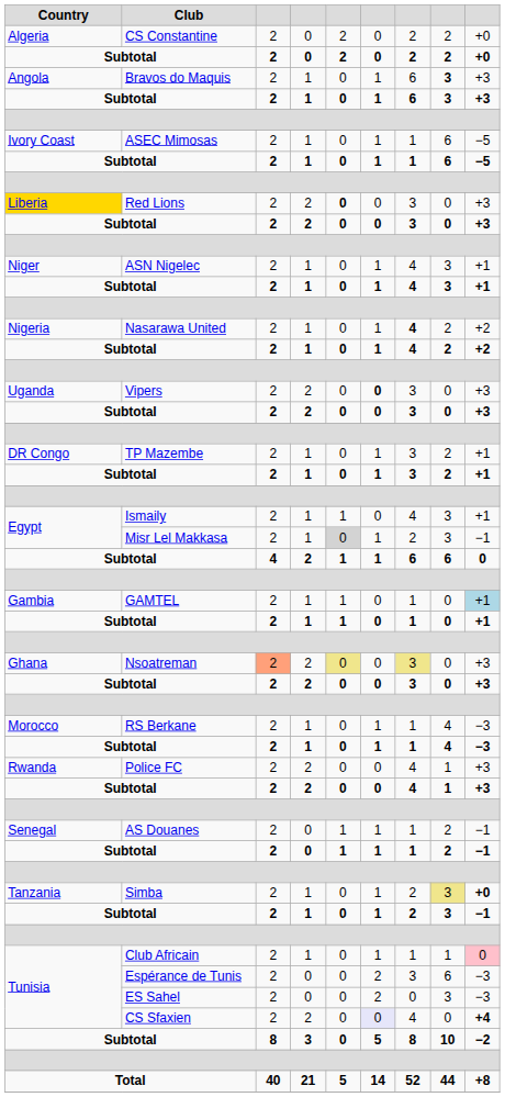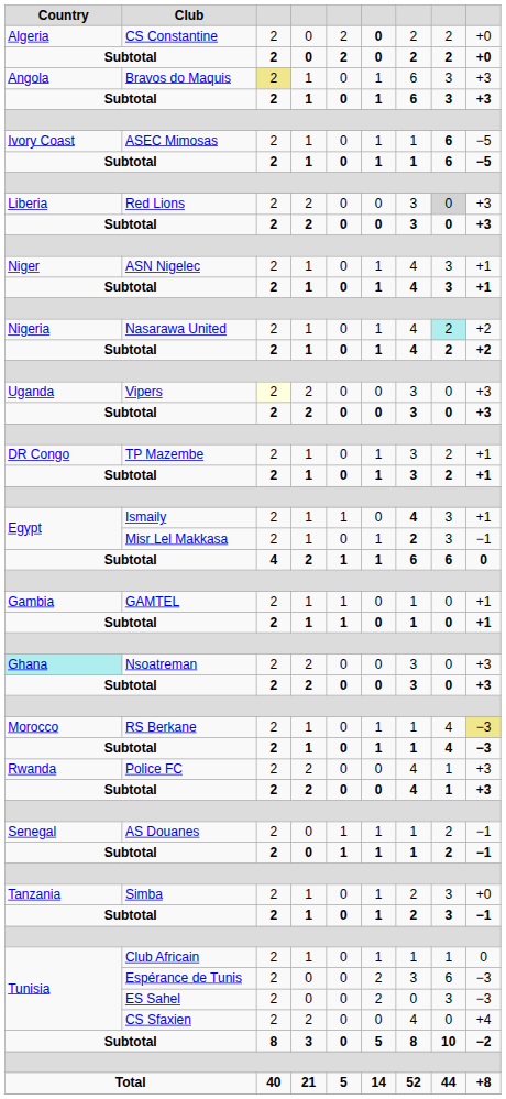 <table class="wikitable" style="text-align: center;">
 <tr>
 <th width="135" style="background:#DCDCDC">Country</th>
 <th width="155" style="background:#DCDCDC">Club</th>
 <th width="35" style="background:#DCDCDC"></th>
 <th width="35" style="background:#DCDCDC"></th>
 <th width="35" style="background:#DCDCDC"></th>
 <th width="35" style="background:#DCDCDC"></th>
 <th width="35" style="background:#DCDCDC"></th>
 <th width="35" style="background:#DCDCDC"></th>
 <th width="35" style="background:#DCDCDC"></th>
 </tr>
 <tr>
 <td align=left> <a href='#'>Algeria</a></td>
 <td align=left><a href='#'>CS Constantine</a></td>
 <td>2</td>
 <td>0</td>
 <td>2</td>
-<td>0</td>
+<td><strong>0</strong></td>
 <td>2</td>
 <td>2</td>
 <td>+0</td>
 </tr>
 <tr>
 <td colspan=2 align-"center"><strong>Subtotal</strong></td>
 <td><strong>2</strong></td>
 <td><strong>0</strong></td>
 <td><strong>2</strong></td>
 <td><strong>0</strong></td>
 <td><strong>2</strong></td>
 <td><strong>2</strong></td>
 <td><strong>+0</strong></td>
 </tr>
 <tr>
 <td align=left> <a href='#'>Angola</a></td>
 <td align=left><a href='#'>Bravos do Maquis</a></td>
-<td>2</td>
+<td style="background: khaki;">2</td>
 <td>1</td>
 <td>0</td>
 <td>1</td>
 <td>6</td>
-<td><strong>3</strong></td>
+<td>3</td>
 <td>+3</td>
 </tr>
 <tr>
 <td colspan=2 align-"center"><strong>Subtotal</strong></td>
 <td><strong>2</strong></td>
 <td><strong>1</strong></td>
 <td><strong>0</strong></td>
 <td><strong>1</strong></td>
 <td><strong>6</strong></td>
 <td><strong>3</strong></td>
 <td><strong>+3</strong></td>
 </tr>
 <tr>
 <th colspan=9 height="18" style="background:#DCDCDC"></th>
 </tr>
 <tr>
 <td align=left> <a href='#'>Ivory Coast</a></td>
 <td align=left><a href='#'>ASEC Mimosas</a></td>
 <td>2</td>
 <td>1</td>
 <td>0</td>
 <td>1</td>
 <td>1</td>
-<td>6</td>
+<td><strong>6</strong></td>
 <td>−5</td>
 </tr>
 <tr>
 <td colspan=2 align-"center"><strong>Subtotal</strong></td>
 <td><strong>2</strong></td>
 <td><strong>1</strong></td>
 <td><strong>0</strong></td>
 <td><strong>1</strong></td>
 <td><strong>1</strong></td>
 <td><strong>6</strong></td>
 <td><strong>−5</strong></td>
 </tr>
 <tr>
 <th colspan=9 height="18" style="background:#DCDCDC"></th>
 </tr>
 <tr>
-<td align=left style="background: gold;"> <a href='#'>Liberia</a></td>
+<td align=left> <a href='#'>Liberia</a></td>
 <td align=left><a href='#'>Red Lions</a></td>
 <td>2</td>
 <td>2</td>
-<td><strong>0</strong></td>
+<td>0</td>
 <td>0</td>
 <td>3</td>
-<td>0</td>
+<td style="background: lightgrey;">0</td>
 <td>+3</td>
 </tr>
 <tr>
 <td colspan=2 align-"center"><strong>Subtotal</strong></td>
 <td><strong>2</strong></td>
 <td><strong>2</strong></td>
 <td><strong>0</strong></td>
 <td><strong>0</strong></td>
 <td><strong>3</strong></td>
 <td><strong>0</strong></td>
 <td><strong>+3</strong></td>
 </tr>
 <tr>
 <th colspan=9 height="18" style="background:#DCDCDC"></th>
 </tr>
 <tr>
 <td align=left> <a href='#'>Niger</a></td>
 <td align=left><a href='#'>ASN Nigelec</a></td>
 <td>2</td>
 <td>1</td>
 <td>0</td>
 <td>1</td>
 <td>4</td>
 <td>3</td>
 <td>+1</td>
 </tr>
 <tr>
 <td colspan=2 align-"center"><strong>Subtotal</strong></td>
 <td><strong>2</strong></td>
 <td><strong>1</strong></td>
 <td><strong>0</strong></td>
 <td><strong>1</strong></td>
 <td><strong>4</strong></td>
 <td><strong>3</strong></td>
 <td><strong>+1</strong></td>
 </tr>
 <tr>
 <th colspan=9 height="18" style="background:#DCDCDC"></th>
 </tr>
 <tr>
 <td align=left> <a href='#'>Nigeria</a></td>
 <td align=left><a href='#'>Nasarawa United</a></td>
 <td>2</td>
 <td>1</td>
 <td>0</td>
 <td>1</td>
-<td><strong>4</strong></td>
-<td>2</td>
+<td>4</td>
+<td style="background: paleturquoise;">2</td>
 <td>+2</td>
 </tr>
 <tr>
 <td colspan=2 align-"center"><strong>Subtotal</strong></td>
 <td><strong>2</strong></td>
 <td><strong>1</strong></td>
 <td><strong>0</strong></td>
 <td><strong>1</strong></td>
 <td><strong>4</strong></td>
 <td><strong>2</strong></td>
 <td><strong>+2</strong></td>
 </tr>
 <tr>
 <th colspan=9 height="18" style="background:#DCDCDC"></th>
 </tr>
 <tr>
 <td align=left> <a href='#'>Uganda</a></td>
 <td align=left><a href='#'>Vipers</a></td>
-<td>2</td>
+<td style="background: lightyellow;">2</td>
 <td>2</td>
 <td>0</td>
-<td><strong>0</strong></td>
+<td>0</td>
 <td>3</td>
 <td>0</td>
 <td>+3</td>
 </tr>
 <tr>
 <td colspan=2 align-"center"><strong>Subtotal</strong></td>
 <td><strong>2</strong></td>
 <td><strong>2</strong></td>
 <td><strong>0</strong></td>
 <td><strong>0</strong></td>
 <td><strong>3</strong></td>
 <td><strong>0</strong></td>
 <td><strong>+3</strong></td>
 </tr>
 <tr>
 <th colspan=9 height="18" style="background:#DCDCDC"></th>
 </tr>
 <tr>
 <td align=left> <a href='#'>DR Congo</a></td>
 <td align=left><a href='#'>TP Mazembe</a></td>
 <td>2</td>
 <td>1</td>
 <td>0</td>
 <td>1</td>
 <td>3</td>
 <td>2</td>
 <td>+1</td>
 </tr>
 <tr>
 <td colspan=2 align-"center"><strong>Subtotal</strong></td>
 <td><strong>2</strong></td>
 <td><strong>1</strong></td>
 <td><strong>0</strong></td>
 <td><strong>1</strong></td>
 <td><strong>3</strong></td>
 <td><strong>2</strong></td>
 <td><strong>+1</strong></td>
 </tr>
 <tr>
 <th colspan=9 height="18" style="background:#DCDCDC"></th>
 </tr>
 <tr>
 <td rowspan=2 align=left> <a href='#'>Egypt</a></td>
 <td align=left><a href='#'>Ismaily</a></td>
 <td>2</td>
 <td>1</td>
 <td>1</td>
 <td>0</td>
-<td>4</td>
+<td><strong>4</strong></td>
 <td>3</td>
 <td>+1</td>
 </tr>
 <tr>
 <td align=left><a href='#'>Misr Lel Makkasa</a></td>
 <td>2</td>
 <td>1</td>
-<td style="background: lightgrey;">0</td>
+<td>0</td>
 <td>1</td>
-<td>2</td>
+<td><strong>2</strong></td>
 <td>3</td>
 <td>−1</td>
 </tr>
 <tr>
 <td colspan=2 align-"center"><strong>Subtotal</strong></td>
 <td><strong>4</strong></td>
 <td><strong>2</strong></td>
 <td><strong>1</strong></td>
 <td><strong>1</strong></td>
 <td><strong>6</strong></td>
 <td><strong>6</strong></td>
 <td><strong>0</strong></td>
 </tr>
 <tr>
 <th colspan=9 height="18" style="background:#DCDCDC"></th>
 </tr>
 <tr>
 <td align=left> <a href='#'>Gambia</a></td>
 <td align=left><a href='#'>GAMTEL</a></td>
 <td>2</td>
 <td>1</td>
 <td>1</td>
 <td>0</td>
 <td>1</td>
 <td>0</td>
-<td style="background: lightblue;">+1</td>
+<td>+1</td>
 </tr>
 <tr>
 <td colspan=2 align-"center"><strong>Subtotal</strong></td>
 <td><strong>2</strong></td>
 <td><strong>1</strong></td>
 <td><strong>1</strong></td>
 <td><strong>0</strong></td>
 <td><strong>1</strong></td>
 <td><strong>0</strong></td>
 <td><strong>+1</strong></td>
 </tr>
 <tr>
 <th colspan=9 height="18" style="background:#DCDCDC"></th>
 </tr>
 <tr>
-<td align=left> <a href='#'>Ghana</a></td>
+<td align=left style="background: paleturquoise;"> <a href='#'>Ghana</a></td>
 <td align=left><a href='#'>Nsoatreman</a></td>
-<td style="background: lightsalmon;">2</td>
 <td>2</td>
-<td style="background: khaki;">0</td>
+<td>2</td>
 <td>0</td>
-<td style="background: khaki;">3</td>
+<td>0</td>
+<td>3</td>
 <td>0</td>
 <td>+3</td>
 </tr>
 <tr>
 <td colspan=2 align-"center"><strong>Subtotal</strong></td>
 <td><strong>2</strong></td>
 <td><strong>2</strong></td>
 <td><strong>0</strong></td>
 <td><strong>0</strong></td>
 <td><strong>3</strong></td>
 <td><strong>0</strong></td>
 <td><strong>+3</strong></td>
 </tr>
 <tr>
 <th colspan=9 height="18" style="background:#DCDCDC"></th>
 </tr>
 <tr>
 <td align=left> <a href='#'>Morocco</a></td>
 <td align=left><a href='#'>RS Berkane</a></td>
 <td>2</td>
 <td>1</td>
 <td>0</td>
 <td>1</td>
 <td>1</td>
 <td>4</td>
-<td>−3</td>
+<td style="background: khaki;">−3</td>
 </tr>
 <tr>
 <td colspan=2 align-"center"><strong>Subtotal</strong></td>
 <td><strong>2</strong></td>
 <td><strong>1</strong></td>
 <td><strong>0</strong></td>
 <td><strong>1</strong></td>
 <td><strong>1</strong></td>
 <td><strong>4</strong></td>
 <td><strong>−3</strong></td>
 </tr>
 <tr>
 <td align=left> <a href='#'>Rwanda</a></td>
 <td align=left><a href='#'>Police FC</a></td>
 <td>2</td>
 <td>2</td>
 <td>0</td>
 <td>0</td>
 <td>4</td>
 <td>1</td>
 <td>+3</td>
 </tr>
 <tr>
 <td colspan=2 align-"center"><strong>Subtotal</strong></td>
 <td><strong>2</strong></td>
 <td><strong>2</strong></td>
 <td><strong>0</strong></td>
 <td><strong>0</strong></td>
 <td><strong>4</strong></td>
 <td><strong>1</strong></td>
 <td><strong>+3</strong></td>
 </tr>
 <tr>
 <th colspan=9 height="18" style="background:#DCDCDC"></th>
 </tr>
 <tr>
 <td align=left> <a href='#'>Senegal</a></td>
 <td align=left><a href='#'>AS Douanes</a></td>
 <td>2</td>
 <td>0</td>
 <td>1</td>
 <td>1</td>
 <td>1</td>
 <td>2</td>
 <td>−1</td>
 </tr>
 <tr>
 <td colspan=2 align-"center"><strong>Subtotal</strong></td>
 <td><strong>2</strong></td>
 <td><strong>0</strong></td>
 <td><strong>1</strong></td>
 <td><strong>1</strong></td>
 <td><strong>1</strong></td>
 <td><strong>2</strong></td>
 <td><strong>−1</strong></td>
 </tr>
 <tr>
 <th colspan=9 height="18" style="background:#DCDCDC"></th>
 </tr>
 <tr>
 <td align=left> <a href='#'>Tanzania</a></td>
 <td align=left><a href='#'>Simba</a></td>
 <td>2</td>
 <td>1</td>
 <td>0</td>
 <td>1</td>
 <td>2</td>
-<td style="background: khaki;">3</td>
-<td><strong>+0</strong></td>
+<td>3</td>
+<td>+0</td>
 </tr>
 <tr>
 <td colspan=2 align-"center"><strong>Subtotal</strong></td>
 <td><strong>2</strong></td>
 <td><strong>1</strong></td>
 <td><strong>0</strong></td>
 <td><strong>1</strong></td>
 <td><strong>2</strong></td>
 <td><strong>3</strong></td>
 <td><strong>−1</strong></td>
 </tr>
 <tr>
 <th colspan=9 height="18" style="background:#DCDCDC"></th>
 </tr>
 <tr>
 <td rowspan=4 align=left> <a href='#'>Tunisia</a></td>
 <td align=left><a href='#'>Club Africain</a></td>
 <td>2</td>
 <td>1</td>
 <td>0</td>
 <td>1</td>
 <td>1</td>
 <td>1</td>
-<td style="background: pink;">0</td>
+<td>0</td>
 </tr>
 <tr>
 <td align=left><a href='#'>Espérance de Tunis</a></td>
 <td>2</td>
 <td>0</td>
 <td>0</td>
 <td>2</td>
 <td>3</td>
 <td>6</td>
 <td>−3</td>
 </tr>
 <tr>
 <td align=left><a href='#'>ES Sahel</a></td>
 <td>2</td>
 <td>0</td>
 <td>0</td>
 <td>2</td>
 <td>0</td>
 <td>3</td>
 <td>−3</td>
 </tr>
 <tr>
 <td align=left><a href='#'>CS Sfaxien</a></td>
 <td>2</td>
 <td>2</td>
 <td>0</td>
-<td style="background: lavender;">0</td>
+<td>0</td>
 <td>4</td>
 <td>0</td>
-<td><strong>+4</strong></td>
+<td>+4</td>
 </tr>
 <tr>
 <td colspan=2 align-"center"><strong>Subtotal</strong></td>
 <td><strong>8</strong></td>
 <td><strong>3</strong></td>
 <td><strong>0</strong></td>
 <td><strong>5</strong></td>
 <td><strong>8</strong></td>
 <td><strong>10</strong></td>
 <td><strong>−2</strong></td>
 </tr>
 <tr>
 <th colspan=9 height="18" style="background:#DCDCDC"></th>
 </tr>
 <tr>
 <td colspan=2 align-"center"><strong>Total</strong></td>
 <td><strong>40</strong></td>
 <td><strong>21</strong></td>
 <td><strong>5</strong></td>
 <td><strong>14</strong></td>
 <td><strong>52</strong></td>
 <td><strong>44</strong></td>
 <td><strong>+8</strong></td>
 </tr>
 <tr>
 </tr>
 </table>
